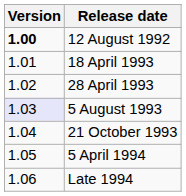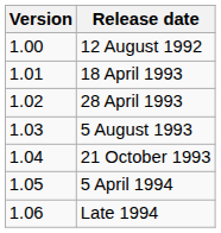 <table class="wikitable">
 <tr>
 <th>Version</th>
 <th>Release date</th>
 </tr>
 <tr>
-<td><strong>1.00</strong></td>
+<td>1.00</td>
 <td>12 August 1992</td>
 </tr>
 <tr>
 <td>1.01</td>
 <td>18 April 1993</td>
 </tr>
 <tr>
 <td>1.02</td>
 <td>28 April 1993</td>
 </tr>
 <tr>
-<td style="background: lavender;">1.03</td>
+<td>1.03</td>
 <td>5 August 1993</td>
 </tr>
 <tr>
 <td>1.04</td>
 <td>21 October 1993</td>
 </tr>
 <tr>
 <td>1.05</td>
 <td>5 April 1994</td>
 </tr>
 <tr>
 <td>1.06</td>
 <td>Late 1994</td>
 </tr>
 </table>
